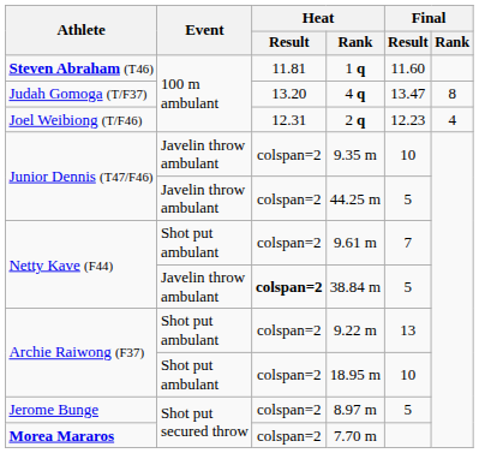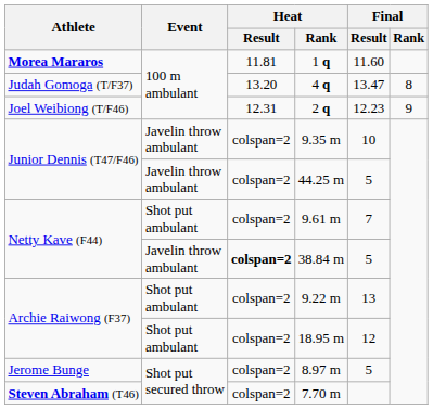 <table class="wikitable" style="font-size:90%">
 <tr>
 <th rowspan="2">Athlete</th>
 <th rowspan="2">Event</th>
 <th colspan="2">Heat</th>
 <th colspan="2">Final</th>
 </tr>
 <tr style="font-size:95%">
 <th>Result</th>
 <th>Rank</th>
 <th>Result</th>
 <th>Rank</th>
 </tr>
 <tr style=text-align:center>
-<td style=text-align:left><strong><a href='#'>Steven Abraham</a></strong> <small>(T46)</small></td>
+<td style=text-align:left><strong><a href='#'>Morea Mararos</a></strong></td>
 <td style=text-align:left rowspan=3>100 m<br>ambulant</td>
 <td>11.81</td>
 <td>1 <strong>q</strong></td>
 <td>11.60</td>
 <td></td>
 </tr>
 <tr style=text-align:center>
 <td style=text-align:left><a href='#'>Judah Gomoga</a> <small>(T/F37)</small></td>
 <td>13.20</td>
 <td>4 <strong>q</strong></td>
 <td>13.47</td>
 <td>8</td>
 </tr>
 <tr style=text-align:center>
 <td style=text-align:left><a href='#'>Joel Weibiong</a> <small>(T/F46)</small></td>
 <td>12.31</td>
 <td>2 <strong>q</strong></td>
 <td>12.23</td>
-<td>4</td>
+<td>9</td>
 </tr>
 <tr align=center>
 <td align=left rowspan=2><a href='#'>Junior Dennis</a> <small>(T47/F46)</small></td>
 <td align=left>Javelin throw<br>ambulant</td>
 <td>colspan=2 </td>
 <td>9.35 m</td>
 <td>10</td>
 </tr>
 <tr align=center>
 <td align=left>Javelin throw<br>ambulant</td>
 <td>colspan=2 </td>
 <td>44.25 m</td>
 <td>5</td>
 </tr>
 <tr align=center>
 <td align=left rowspan=2><a href='#'>Netty Kave</a> <small>(F44)</small></td>
 <td align=left>Shot put<br>ambulant</td>
 <td>colspan=2 </td>
 <td>9.61 m</td>
 <td>7</td>
 </tr>
 <tr align=center>
 <td align=left>Javelin throw<br>ambulant</td>
 <td><strong>colspan=2 </strong></td>
 <td>38.84 m</td>
 <td>5</td>
 </tr>
 <tr align=center>
 <td align=left rowspan=2><a href='#'>Archie Raiwong</a> <small>(F37)</small></td>
 <td align=left>Shot put<br>ambulant</td>
 <td>colspan=2 </td>
 <td>9.22 m</td>
 <td>13</td>
 </tr>
 <tr align=center>
 <td align=left>Shot put<br>ambulant</td>
 <td>colspan=2 </td>
 <td>18.95 m</td>
-<td>10</td>
+<td>12</td>
 </tr>
 <tr style=text-align:center>
 <td style=text-align:left><a href='#'>Jerome Bunge</a></td>
 <td style=text-align:left rowspan=2>Shot put<br>secured throw</td>
 <td>colspan=2 </td>
 <td>8.97 m</td>
 <td>5</td>
 </tr>
 <tr style=text-align:center>
-<td style=text-align:left><strong><a href='#'>Morea Mararos</a></strong></td>
+<td style=text-align:left><strong><a href='#'>Steven Abraham</a></strong> <small>(T46)</small></td>
 <td>colspan=2 </td>
 <td>7.70 m</td>
 <td></td>
 </tr>
 </table>
